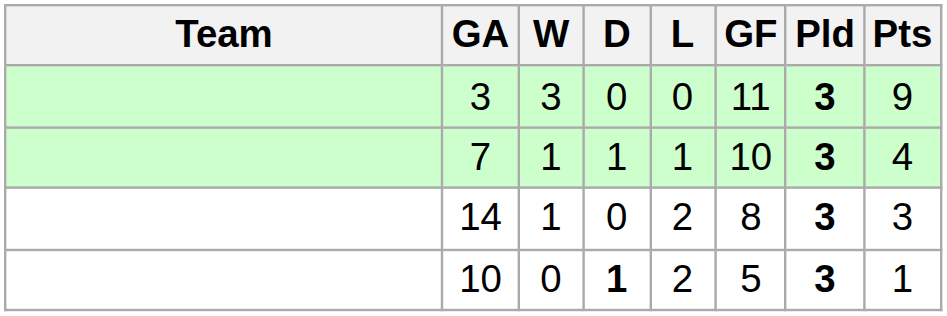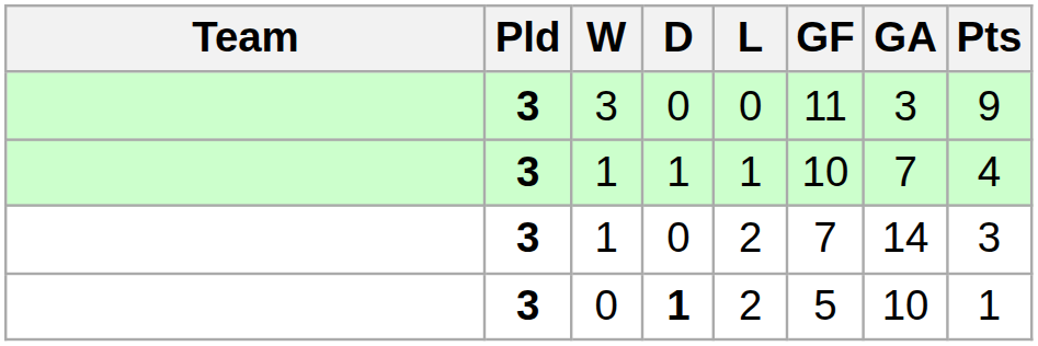 <table class="wikitable" style="text-align: center;">
 <tr>
 <th width="175">Team</th>
-<th width="20">GA</th>
+<th width="20o">Pld</th>
 <th width="20">W</th>
 <th width="20">D</th>
 <th width="20">L</th>
 <th width="20">GF</th>
-<th width="20o">Pld</th>
+<th width="20">GA</th>
 <th width="20">Pts</th>
 </tr>
 <tr bgcolor="#ccffcc">
 <td style="text-align:left;"></td>
-<td>3</td>
+<td><strong>3</strong></td>
 <td>3</td>
 <td>0</td>
 <td>0</td>
 <td>11</td>
-<td><strong>3</strong></td>
+<td>3</td>
 <td>9</td>
 </tr>
 <tr align=center style="background:#ccffcc;">
 <td style="text-align:left;"></td>
-<td>7</td>
+<td><strong>3	</strong></td>
 <td>1</td>
 <td>1</td>
 <td>1</td>
 <td>10</td>
-<td><strong>3	</strong></td>
+<td>7</td>
 <td>4</td>
 </tr>
 <tr align=center style="background:#ffffff;">
 <td style="text-align:left;"></td>
-<td>14</td>
+<td><strong>3	</strong></td>
 <td>1</td>
 <td>0</td>
 <td>2</td>
-<td>8</td>
-<td><strong>3	</strong></td>
+<td>7</td>
+<td>14</td>
 <td>3</td>
 </tr>
 <tr align=center style="background:#ffffff;">
 <td style="text-align:left;"></td>
-<td>10</td>
+<td><strong>3	</strong></td>
 <td>0</td>
 <td><strong>1</strong></td>
 <td>2</td>
 <td>5</td>
-<td><strong>3	</strong></td>
+<td>10</td>
 <td>1</td>
 </tr>
 </table>
